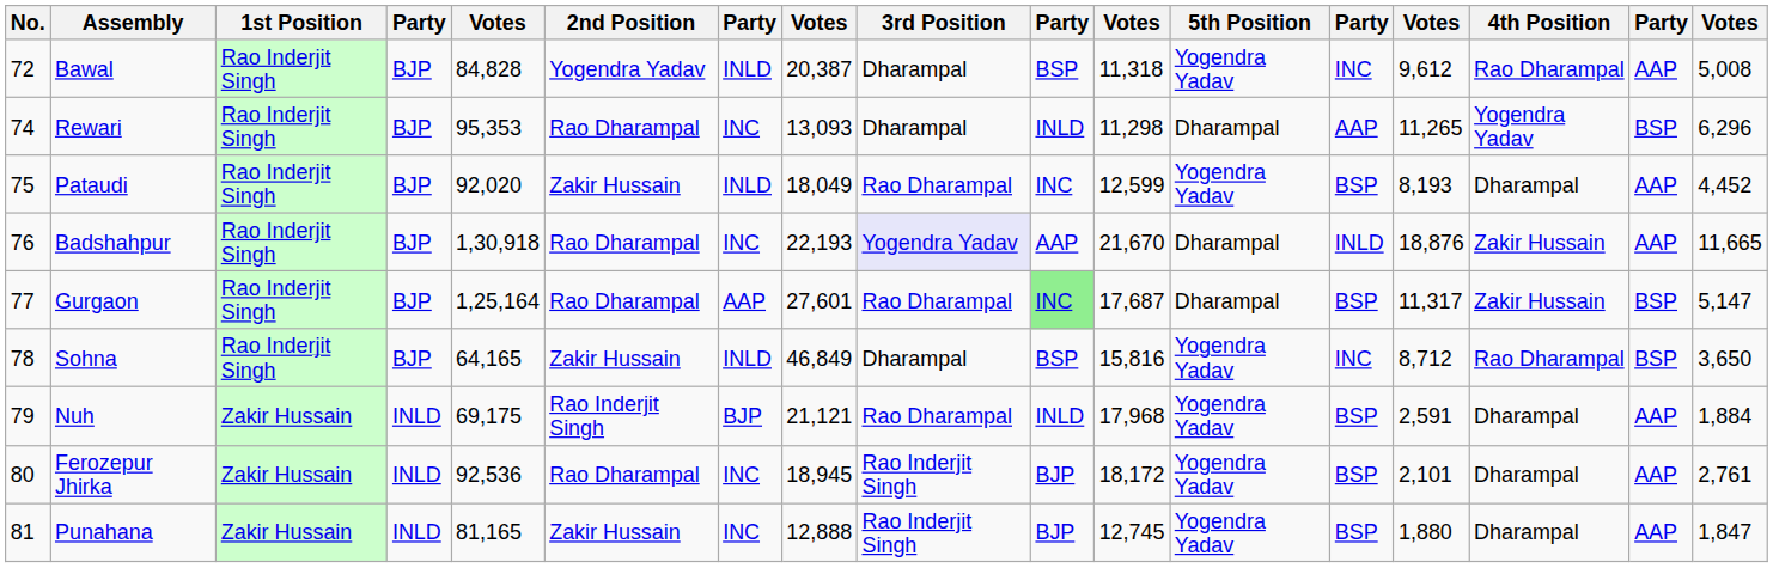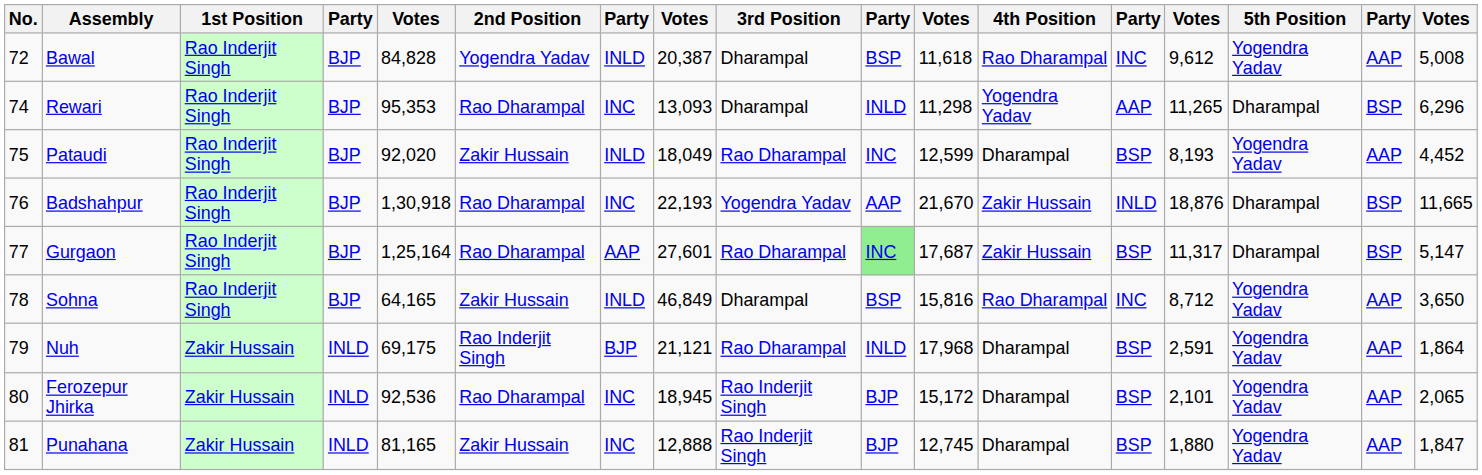 <table class="wikitable sortable imitable" style="font-size:95%;">
 <tr>
 <th>No.</th>
 <th>Assembly</th>
 <th>1st Position</th>
 <th>Party</th>
 <th>Votes</th>
 <th>2nd Position</th>
 <th>Party</th>
 <th>Votes</th>
 <th>3rd Position</th>
 <th>Party</th>
 <th>Votes</th>
-<th>5th Position</th>
+<th>4th Position</th>
 <th>Party</th>
 <th>Votes</th>
-<th>4th Position</th>
+<th>5th Position</th>
 <th>Party</th>
 <th>Votes</th>
 </tr>
 <tr>
 <td>72</td>
 <td><a href='#'>Bawal</a></td>
 <td style="background: #CCFFCC;"><a href='#'>Rao Inderjit Singh</a></td>
 <td><a href='#'>BJP</a></td>
 <td style="background:">84,828</td>
 <td><a href='#'>Yogendra Yadav</a></td>
 <td><a href='#'>INLD</a></td>
 <td style="background:">20,387</td>
 <td>Dharampal</td>
 <td><a href='#'>BSP</a></td>
-<td style="background:">11,318</td>
-<td><a href='#'>Yogendra Yadav</a></td>
+<td style="background:">11,618</td>
+<td><a href='#'>Rao Dharampal</a></td>
 <td><a href='#'>INC</a></td>
 <td style="background:">9,612</td>
-<td><a href='#'>Rao Dharampal</a></td>
+<td><a href='#'>Yogendra Yadav</a></td>
 <td><a href='#'>AAP</a></td>
 <td style="background:">5,008</td>
 </tr>
 <tr>
 <td>74</td>
 <td><a href='#'>Rewari</a></td>
 <td style="background: #CCFFCC;"><a href='#'>Rao Inderjit Singh</a></td>
 <td><a href='#'>BJP</a></td>
 <td style="background:">95,353</td>
 <td><a href='#'>Rao Dharampal</a></td>
 <td><a href='#'>INC</a></td>
 <td style="background:">13,093</td>
 <td>Dharampal</td>
 <td><a href='#'>INLD</a></td>
 <td style="background:">11,298</td>
-<td>Dharampal</td>
+<td><a href='#'>Yogendra Yadav</a></td>
 <td><a href='#'>AAP</a></td>
 <td style="background:">11,265</td>
-<td><a href='#'>Yogendra Yadav</a></td>
+<td>Dharampal</td>
 <td><a href='#'>BSP</a></td>
 <td style="background:">6,296</td>
 </tr>
 <tr>
 <td>75</td>
 <td><a href='#'>Pataudi</a></td>
 <td style="background: #CCFFCC;"><a href='#'>Rao Inderjit Singh</a></td>
 <td><a href='#'>BJP</a></td>
 <td style="background:">92,020</td>
 <td><a href='#'>Zakir Hussain</a></td>
 <td><a href='#'>INLD</a></td>
 <td style="background:">18,049</td>
 <td><a href='#'>Rao Dharampal</a></td>
 <td><a href='#'>INC</a></td>
 <td style="background:">12,599</td>
-<td><a href='#'>Yogendra Yadav</a></td>
+<td>Dharampal</td>
 <td><a href='#'>BSP</a></td>
 <td style="background:">8,193</td>
-<td>Dharampal</td>
+<td><a href='#'>Yogendra Yadav</a></td>
 <td><a href='#'>AAP</a></td>
 <td style="background:">4,452</td>
 </tr>
 <tr>
 <td>76</td>
 <td><a href='#'>Badshahpur</a></td>
 <td style="background: #CCFFCC;"><a href='#'>Rao Inderjit Singh</a></td>
 <td><a href='#'>BJP</a></td>
 <td style="background:">1,30,918</td>
 <td><a href='#'>Rao Dharampal</a></td>
 <td><a href='#'>INC</a></td>
 <td style="background:">22,193</td>
-<td style="background: lavender;"><a href='#'>Yogendra Yadav</a></td>
+<td><a href='#'>Yogendra Yadav</a></td>
 <td><a href='#'>AAP</a></td>
 <td style="background:">21,670</td>
-<td>Dharampal</td>
+<td><a href='#'>Zakir Hussain</a></td>
 <td><a href='#'>INLD</a></td>
 <td style="background:">18,876</td>
-<td><a href='#'>Zakir Hussain</a></td>
-<td><a href='#'>AAP</a></td>
+<td>Dharampal</td>
+<td><a href='#'>BSP</a></td>
 <td style="background:">11,665</td>
 </tr>
 <tr>
 <td>77</td>
 <td><a href='#'>Gurgaon</a></td>
 <td style="background: #CCFFCC;"><a href='#'>Rao Inderjit Singh</a></td>
 <td><a href='#'>BJP</a></td>
 <td style="background:">1,25,164</td>
 <td><a href='#'>Rao Dharampal</a></td>
 <td><a href='#'>AAP</a></td>
 <td style="background:">27,601</td>
 <td><a href='#'>Rao Dharampal</a></td>
 <td style="background: lightgreen;"><a href='#'>INC</a></td>
 <td style="background:">17,687</td>
-<td>Dharampal</td>
+<td><a href='#'>Zakir Hussain</a></td>
 <td><a href='#'>BSP</a></td>
 <td style="background:">11,317</td>
-<td><a href='#'>Zakir Hussain</a></td>
+<td>Dharampal</td>
 <td><a href='#'>BSP</a></td>
 <td style="background:">5,147</td>
 </tr>
 <tr>
 <td>78</td>
 <td><a href='#'>Sohna</a></td>
 <td style="background: #CCFFCC;"><a href='#'>Rao Inderjit Singh</a></td>
 <td><a href='#'>BJP</a></td>
 <td style="background:">64,165</td>
 <td><a href='#'>Zakir Hussain</a></td>
 <td><a href='#'>INLD</a></td>
 <td style="background:">46,849</td>
 <td>Dharampal</td>
 <td><a href='#'>BSP</a></td>
 <td style="background:">15,816</td>
-<td><a href='#'>Yogendra Yadav</a></td>
+<td><a href='#'>Rao Dharampal</a></td>
 <td><a href='#'>INC</a></td>
 <td style="background:">8,712</td>
-<td><a href='#'>Rao Dharampal</a></td>
-<td><a href='#'>BSP</a></td>
+<td><a href='#'>Yogendra Yadav</a></td>
+<td><a href='#'>AAP</a></td>
 <td style="background:">3,650</td>
 </tr>
 <tr>
 <td>79</td>
 <td><a href='#'>Nuh</a></td>
 <td style="background: #CCFFCC;"><a href='#'>Zakir Hussain</a></td>
 <td><a href='#'>INLD</a></td>
 <td style="background:">69,175</td>
 <td><a href='#'>Rao Inderjit Singh</a></td>
 <td><a href='#'>BJP</a></td>
 <td style="background:">21,121</td>
 <td><a href='#'>Rao Dharampal</a></td>
 <td><a href='#'>INLD</a></td>
 <td style="background:">17,968</td>
-<td><a href='#'>Yogendra Yadav</a></td>
+<td>Dharampal</td>
 <td><a href='#'>BSP</a></td>
 <td style="background:">2,591</td>
-<td>Dharampal</td>
+<td><a href='#'>Yogendra Yadav</a></td>
 <td><a href='#'>AAP</a></td>
-<td style="background:">1,884</td>
+<td style="background:">1,864</td>
 </tr>
 <tr>
 <td>80</td>
 <td><a href='#'>Ferozepur Jhirka</a></td>
 <td style="background: #CCFFCC;"><a href='#'>Zakir Hussain</a></td>
 <td><a href='#'>INLD</a></td>
 <td style="background:">92,536</td>
 <td><a href='#'>Rao Dharampal</a></td>
 <td><a href='#'>INC</a></td>
 <td style="background:">18,945</td>
 <td><a href='#'>Rao Inderjit Singh</a></td>
 <td><a href='#'>BJP</a></td>
-<td style="background:">18,172</td>
-<td><a href='#'>Yogendra Yadav</a></td>
+<td style="background:">15,172</td>
+<td>Dharampal</td>
 <td><a href='#'>BSP</a></td>
 <td style="background:">2,101</td>
-<td>Dharampal</td>
+<td><a href='#'>Yogendra Yadav</a></td>
 <td><a href='#'>AAP</a></td>
-<td style="background:">2,761</td>
+<td style="background:">2,065</td>
 </tr>
 <tr>
 <td>81</td>
 <td><a href='#'>Punahana</a></td>
 <td style="background: #CCFFCC;"><a href='#'>Zakir Hussain</a></td>
 <td><a href='#'>INLD</a></td>
 <td style="background:">81,165</td>
 <td><a href='#'>Zakir Hussain</a></td>
 <td><a href='#'>INC</a></td>
 <td style="background:">12,888</td>
 <td><a href='#'>Rao Inderjit Singh</a></td>
 <td><a href='#'>BJP</a></td>
 <td style="background:">12,745</td>
-<td><a href='#'>Yogendra Yadav</a></td>
+<td>Dharampal</td>
 <td><a href='#'>BSP</a></td>
 <td style="background:">1,880</td>
-<td>Dharampal</td>
+<td><a href='#'>Yogendra Yadav</a></td>
 <td><a href='#'>AAP</a></td>
 <td style="background:">1,847</td>
 </tr>
 </table>
